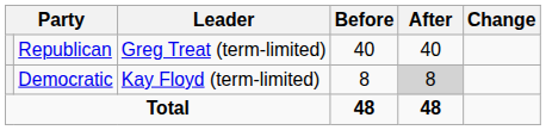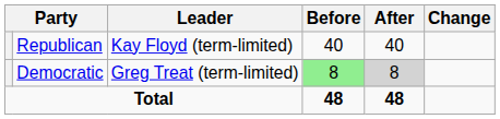 <table class="wikitable" style="text-align:center;">
 <tr>
 </tr>
 <tr>
 <th colspan="2">Party</th>
 <th>Leader</th>
 <th style="width:3em">Before</th>
 <th style="width:3em">After</th>
 <th style="width:3em">Change</th>
 </tr>
 <tr>
 <th style="background-color:"></th>
 <td style="text-align:left;"><a href='#'>Republican</a></td>
-<td style="text-align:left;"><a href='#'>Greg Treat</a> (term-limited)</td>
+<td style="text-align:left;"><a href='#'>Kay Floyd</a> (term-limited)</td>
 <td>40</td>
 <td>40</td>
 <td></td>
 </tr>
 <tr>
 <th style="background-color:"></th>
 <td style="text-align:left;"><a href='#'>Democratic</a></td>
-<td style="text-align:left;"><a href='#'>Kay Floyd</a> (term-limited)</td>
-<td>8</td>
+<td style="text-align:left;"><a href='#'>Greg Treat</a> (term-limited)</td>
+<td style="background: lightgreen;">8</td>
 <td style="background: lightgrey;">8</td>
 <td></td>
 </tr>
 <tr>
 <td colspan="3"><strong>Total</strong></td>
 <td><strong>48</strong></td>
 <td><strong>48</strong></td>
 <td></td>
 </tr>
 </table>
